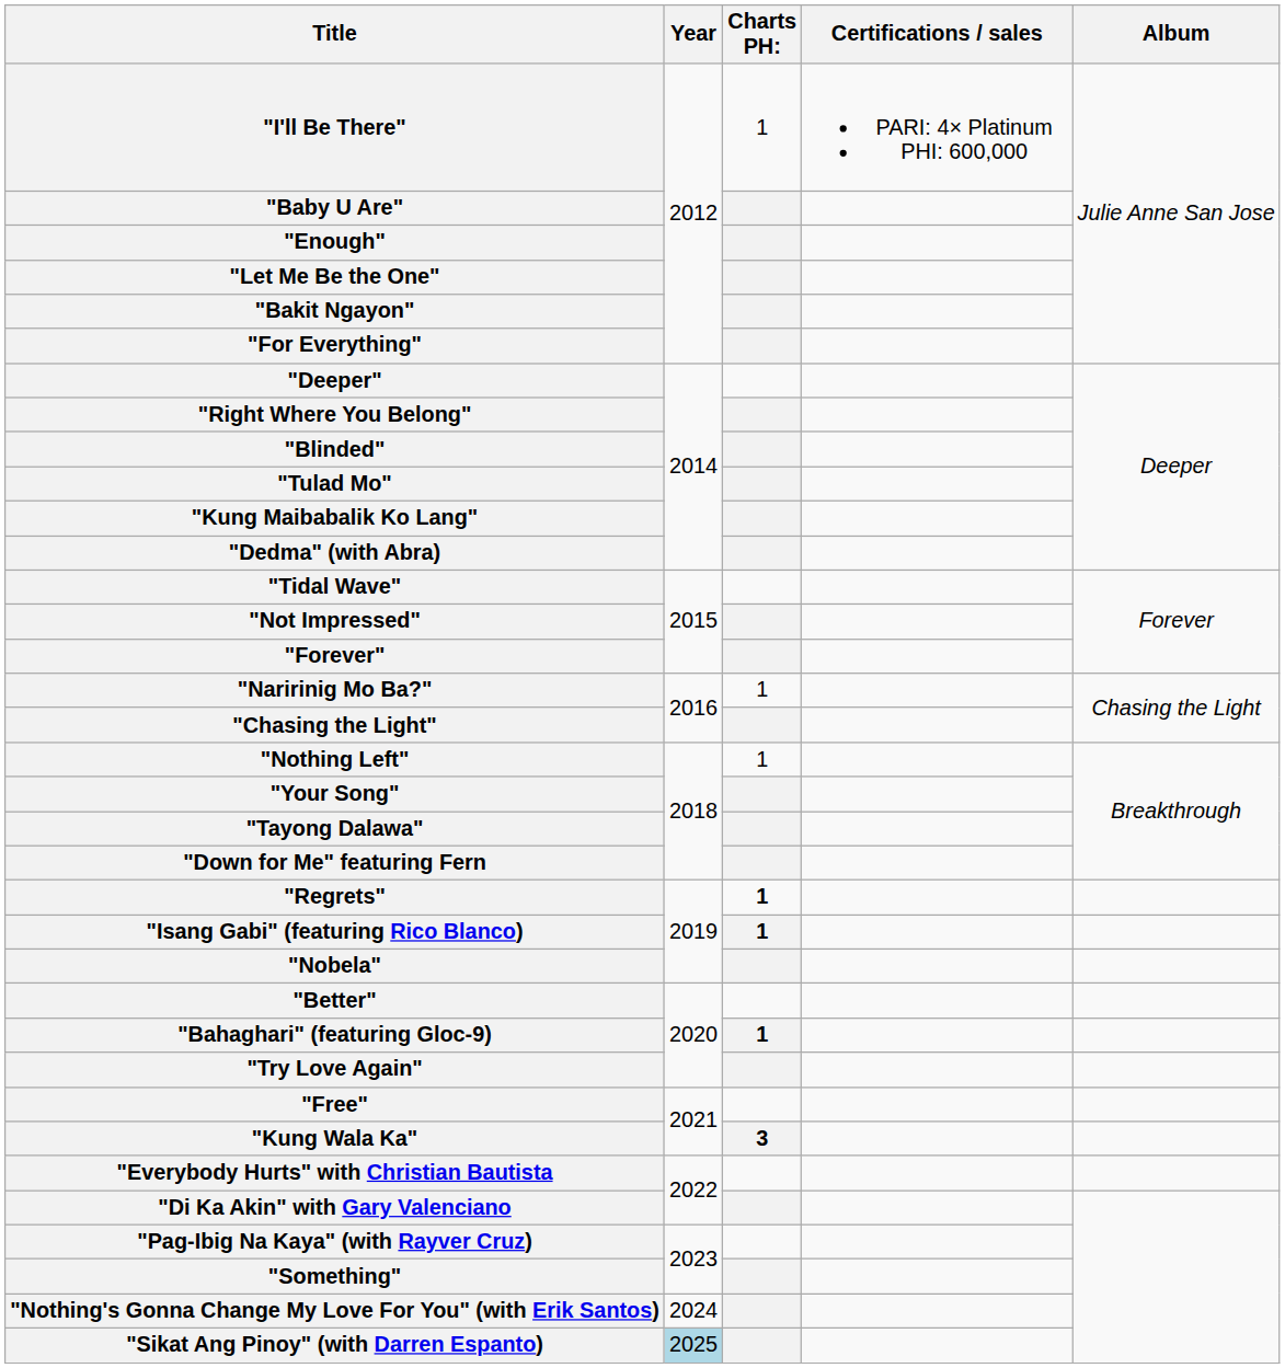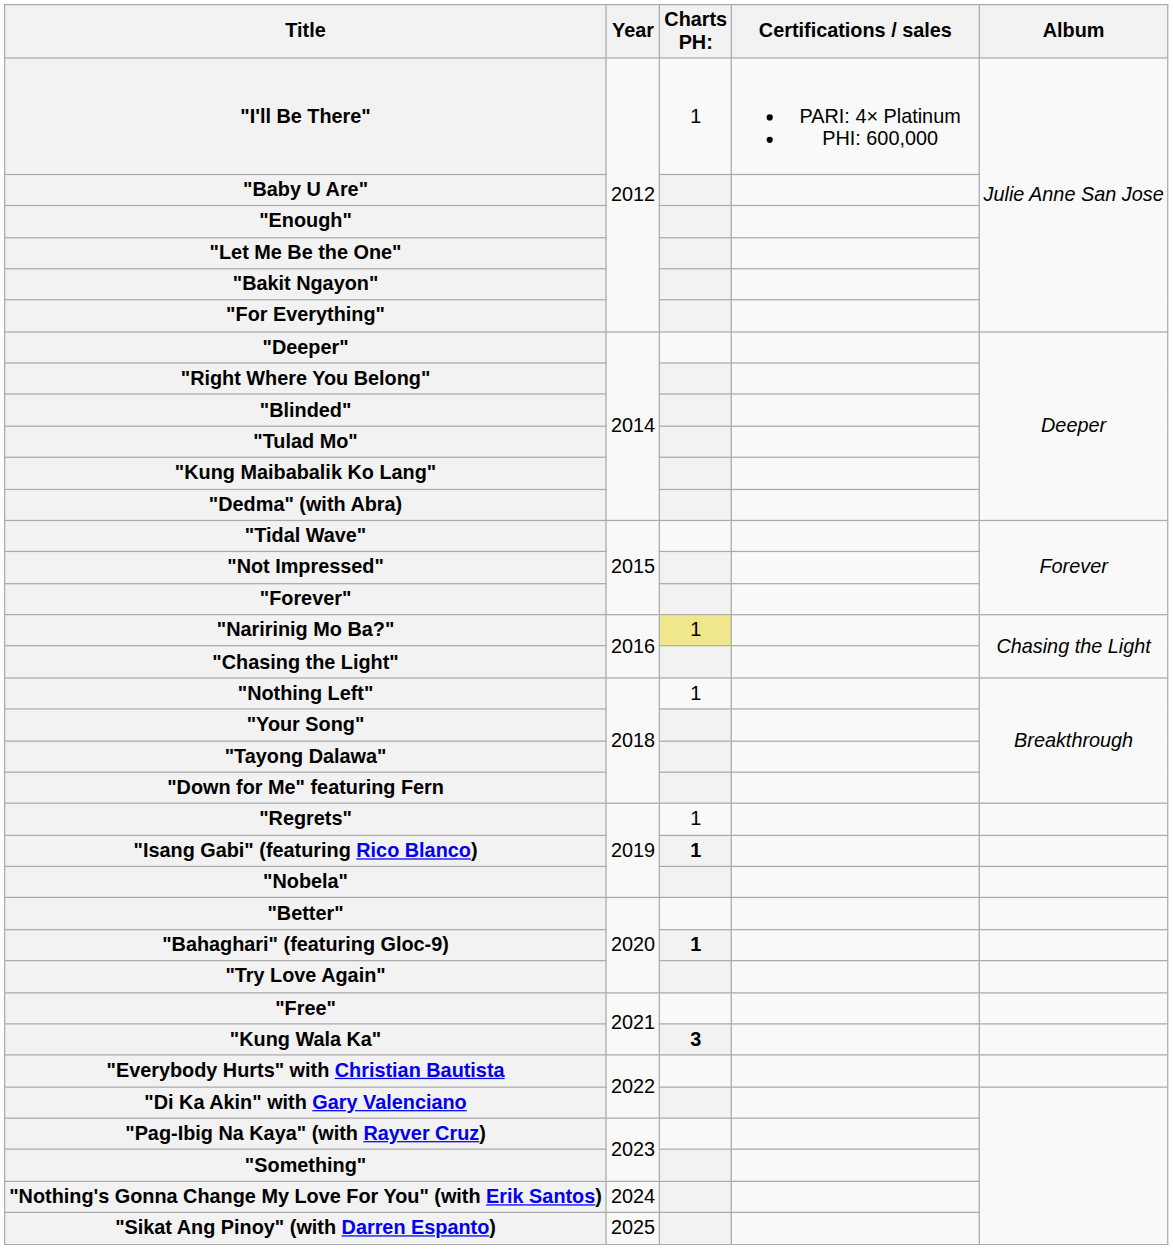 <table class="wikitable plainrowheaders" style="text-align:center;">
 <tr>
 <th>Title</th>
 <th>Year</th>
 <th>Charts<br>PH:</th>
 <th style="width:12em;">Certifications / sales</th>
 <th>Album</th>
 </tr>
 <tr>
 <th scope="row">"I'll Be There"</th>
 <td rowspan="6">2012</td>
 <td>1</td>
 <td><br><ul><li>PARI: 4× Platinum</li><li>PHI: 600,000 </li></ul></td>
 <td rowspan="6"><em>Julie Anne San Jose</em></td>
 </tr>
 <tr>
 <th scope="row">"Baby U Are"</th>
 <th></th>
 <td></td>
 </tr>
 <tr>
 <th scope="row">"Enough"</th>
 <th></th>
 <td></td>
 </tr>
 <tr>
 <th scope="row">"Let Me Be the One"</th>
 <th></th>
 <td></td>
 </tr>
 <tr>
 <th scope="row">"Bakit Ngayon"</th>
 <th></th>
 </tr>
 <tr>
 <th scope="row">"For Everything"</th>
 <th></th>
 <td></td>
 </tr>
 <tr>
 <th scope="row">"Deeper"</th>
 <td rowspan="6">2014</td>
 <td></td>
 <td></td>
 <td rowspan="6"><em>Deeper</em></td>
 </tr>
 <tr>
 <th scope="row">"Right Where You Belong"</th>
 <th></th>
 <td></td>
 </tr>
 <tr>
 <th scope="row">"Blinded"</th>
 <th></th>
 <td></td>
 </tr>
 <tr>
 <th scope="row">"Tulad Mo"</th>
 <th></th>
 <td></td>
 </tr>
 <tr>
 <th scope="row">"Kung Maibabalik Ko Lang"</th>
 <th></th>
 <td></td>
 </tr>
 <tr>
 <th scope="row">"Dedma" (with Abra)</th>
 <th></th>
 <td></td>
 </tr>
 <tr>
 <th scope="row">"Tidal Wave"</th>
 <td rowspan="3">2015</td>
 <td></td>
 <td></td>
 <td rowspan="3"><em>Forever</em></td>
 </tr>
 <tr>
 <th scope="row">"Not Impressed"</th>
 <th></th>
 <td></td>
 </tr>
 <tr>
 <th scope="row">"Forever"</th>
 <th></th>
 <td></td>
 </tr>
 <tr>
 <th scope="row">"Naririnig Mo Ba?"</th>
 <td rowspan="2">2016</td>
-<td>1</td>
+<td style="background: khaki;">1</td>
 <td></td>
 <td rowspan="2"><em>Chasing the Light</em></td>
 </tr>
 <tr>
 <th scope="row">"Chasing the Light"</th>
 <th></th>
 <td></td>
 </tr>
 <tr>
 <th scope="row">"Nothing Left"</th>
 <td rowspan="4">2018</td>
 <td>1</td>
 <td></td>
 <td rowspan="4"><em>Breakthrough</em></td>
 </tr>
 <tr>
 <th scope="row">"Your Song"</th>
 <th></th>
 <td></td>
 </tr>
 <tr>
 <th scope="row">"Tayong Dalawa"</th>
 <th></th>
 <td></td>
 </tr>
 <tr>
 <th scope="row">"Down for Me" featuring Fern</th>
 <th></th>
 <td></td>
 </tr>
 <tr>
 <th scope="row">"Regrets"</th>
 <td rowspan="3">2019</td>
-<td><strong>1</strong></td>
+<td>1</td>
 <td></td>
 <td></td>
 </tr>
 <tr>
 <th scope="row">"Isang Gabi" (featuring <a href='#'>Rico Blanco</a>)</th>
 <th>1</th>
 <td></td>
 <td></td>
 </tr>
 <tr>
 <th scope="row">"Nobela"</th>
 <th></th>
 <td></td>
 </tr>
 <tr>
 <th scope="row">"Better"</th>
 <td rowspan="3">2020</td>
 <td></td>
 <td></td>
 <td></td>
 </tr>
 <tr>
 <th scope="row">"Bahaghari" (featuring Gloc-9)</th>
 <th>1</th>
 <td></td>
 <td></td>
 </tr>
 <tr>
 <th scope="row">"Try Love Again"</th>
 <th></th>
 <td></td>
 <td></td>
 </tr>
 <tr>
 <th scope="row">"Free"</th>
 <td rowspan="2">2021</td>
 <td></td>
 <td></td>
 <td></td>
 </tr>
 <tr>
 <th scope="row">"Kung Wala Ka"</th>
 <th>3</th>
 <td></td>
 <td></td>
 </tr>
 <tr>
 <th scope="row">"Everybody Hurts" with <a href='#'>Christian Bautista</a></th>
 <td rowspan="2">2022</td>
 <td></td>
 <td></td>
 <td></td>
 </tr>
 <tr>
 <th scope="row">"Di Ka Akin" with <a href='#'>Gary Valenciano</a></th>
 <th></th>
 <td></td>
 </tr>
 <tr>
 <th scope="row">"Pag-Ibig Na Kaya" (with <a href='#'>Rayver Cruz</a>)</th>
 <td rowspan="2">2023</td>
 <td></td>
 <td></td>
 </tr>
 <tr>
 <th scope="row">"Something"</th>
 <th></th>
 <td></td>
 </tr>
 <tr>
 <th>"Nothing's Gonna Change My Love For You" (with <a href='#'>Erik Santos</a>)</th>
 <td>2024</td>
 <th></th>
 <td></td>
 </tr>
 <tr>
 <th>"Sikat Ang Pinoy" (with <a href='#'>Darren Espanto</a>)</th>
-<td style="background: lightblue;">2025</td>
+<td>2025</td>
 <th></th>
 <td></td>
 </tr>
 </table>
